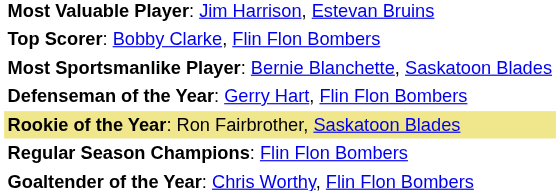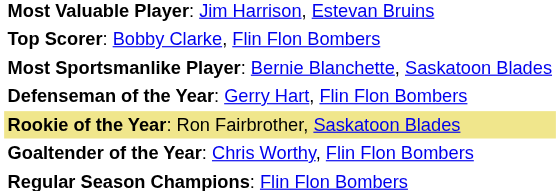 <table cellpadding="3" cellspacing="1">
 <tr>
 <td><strong>Most Valuable Player</strong>: <a href='#'>Jim Harrison</a>, <a href='#'>Estevan Bruins</a></td>
 </tr>
 <tr>
 <td><strong>Top Scorer</strong>: <a href='#'>Bobby Clarke</a>, <a href='#'>Flin Flon Bombers</a></td>
 </tr>
 <tr>
 <td><strong>Most Sportsmanlike Player</strong>: <a href='#'>Bernie Blanchette</a>, <a href='#'>Saskatoon Blades</a></td>
 </tr>
 <tr>
 <td><strong>Defenseman of the Year</strong>: <a href='#'>Gerry Hart</a>, <a href='#'>Flin Flon Bombers</a></td>
 </tr>
 <tr>
 <td style="background: khaki;"><strong>Rookie of the Year</strong>: Ron Fairbrother, <a href='#'>Saskatoon Blades</a></td>
 </tr>
 <tr>
+<td><strong>Goaltender of the Year</strong>: <a href='#'>Chris Worthy</a>, <a href='#'>Flin Flon Bombers</a></td>
+</tr>
+<tr>
 <td><strong>Regular Season Champions</strong>: <a href='#'>Flin Flon Bombers</a></td>
 </tr>
-<tr>
-<td><strong>Goaltender of the Year</strong>: <a href='#'>Chris Worthy</a>, <a href='#'>Flin Flon Bombers</a></td>
-</tr>
 </table>
